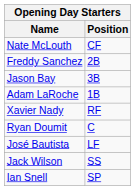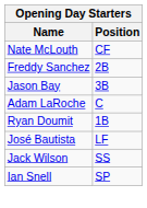 <table class="wikitable" style="text-align:left">
 <tr>
 <th colspan="2">Opening Day Starters</th>
 </tr>
 <tr>
 <th>Name</th>
 <th>Position</th>
 </tr>
 <tr>
 <td><a href='#'>Nate McLouth</a></td>
 <td><a href='#'>CF</a></td>
 </tr>
 <tr>
 <td><a href='#'>Freddy Sanchez</a></td>
 <td><a href='#'>2B</a></td>
 </tr>
 <tr>
 <td><a href='#'>Jason Bay</a></td>
 <td><a href='#'>3B</a></td>
 </tr>
 <tr>
 <td><a href='#'>Adam LaRoche</a></td>
-<td><a href='#'>1B</a></td>
-</tr>
-<tr>
-<td><a href='#'>Xavier Nady</a></td>
-<td><a href='#'>RF</a></td>
+<td><a href='#'>C</a></td>
 </tr>
 <tr>
 <td><a href='#'>Ryan Doumit</a></td>
-<td><a href='#'>C</a></td>
+<td><a href='#'>1B</a></td>
 </tr>
 <tr>
 <td><a href='#'>José Bautista</a></td>
 <td><a href='#'>LF</a></td>
 </tr>
 <tr>
 <td><a href='#'>Jack Wilson</a></td>
 <td><a href='#'>SS</a></td>
 </tr>
 <tr>
 <td><a href='#'>Ian Snell</a></td>
 <td><a href='#'>SP</a></td>
 </tr>
 </table>
